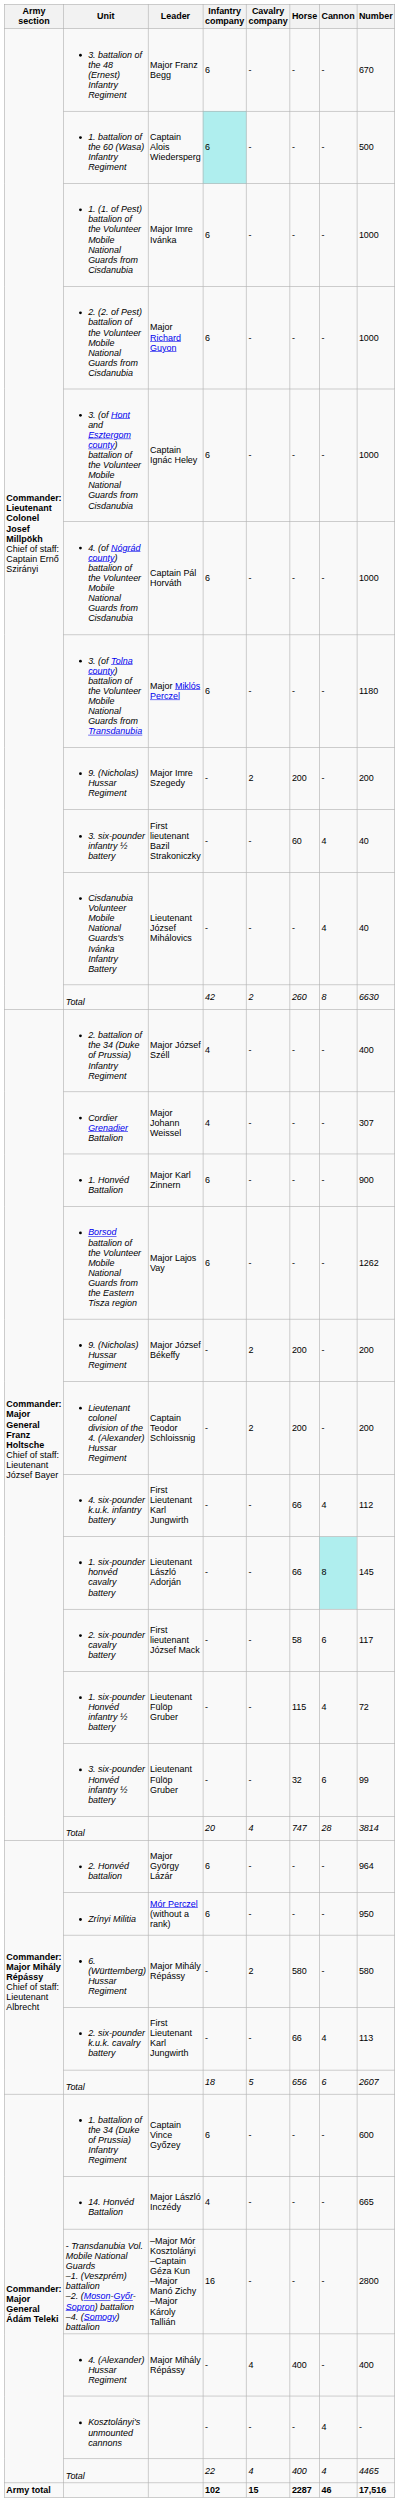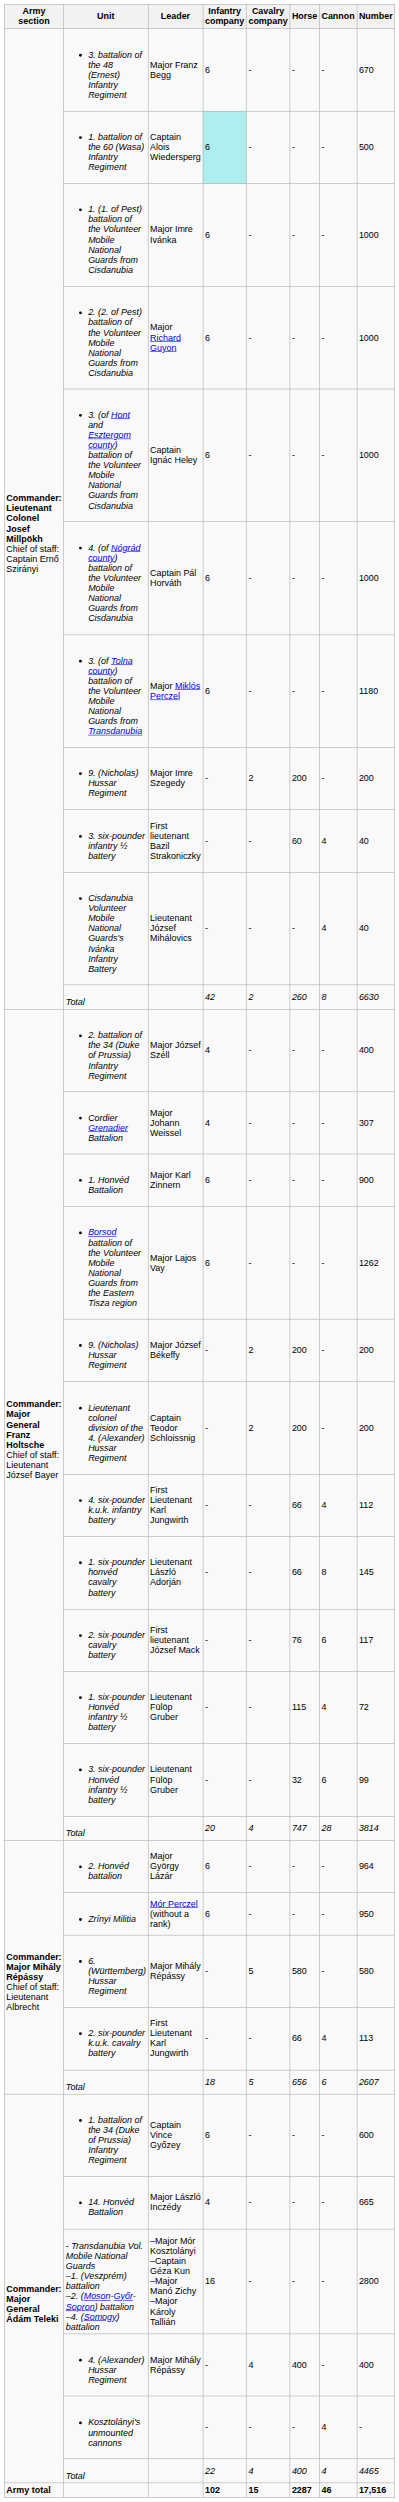 <table class="wikitable">
 <tr>
 <th width=8%>Army section</th>
 <th width=62%>Unit</th>
 <th width=30%>Leader</th>
 <th width=>Infantry company</th>
 <th width=>Cavalry company</th>
 <th width=>Horse</th>
 <th width=>Cannon</th>
 <th width=>Number</th>
 </tr>
 <tr>
 <td rowspan="11"><br> <br>  <br><strong>Commander:<br> Lieutenant Colonel Josef Millpökh</strong><br> Chief of staff:<br> Captain Ernő Szirányi</td>
 <td><br><ul><li><em>3. battalion of the 48 (Ernest) Infantry Regiment</em></li></ul></td>
 <td>Major Franz Begg</td>
 <td>6</td>
 <td>-</td>
 <td>-</td>
 <td>-</td>
 <td>670</td>
 </tr>
 <tr>
 <td><br><ul><li><em>1. battalion of the 60 (Wasa) Infantry Regiment</em></li></ul></td>
 <td>Captain Alois Wiedersperg</td>
 <td style="background: paleturquoise;">6</td>
 <td>-</td>
 <td>-</td>
 <td>-</td>
 <td>500</td>
 </tr>
 <tr>
 <td><br><ul><li><em>1. (1. of Pest) battalion of the Volunteer Mobile National Guards from Cisdanubia</em></li></ul></td>
 <td>Major Imre Ivánka</td>
 <td>6</td>
 <td>-</td>
 <td>-</td>
 <td>-</td>
 <td>1000</td>
 </tr>
 <tr>
 <td><br><ul><li><em>2. (2. of Pest) battalion of the Volunteer Mobile National Guards from Cisdanubia</em></li></ul></td>
 <td>Major <a href='#'>Richard Guyon</a></td>
 <td>6</td>
 <td>-</td>
 <td>-</td>
 <td>-</td>
 <td>1000</td>
 </tr>
 <tr>
 <td><br><ul><li><em>3. (of <a href='#'>Hont</a> and <a href='#'>Esztergom county</a>) battalion of the Volunteer Mobile National Guards from Cisdanubia</em></li></ul></td>
 <td>Captain Ignác Heley</td>
 <td>6</td>
 <td>-</td>
 <td>-</td>
 <td>-</td>
 <td>1000</td>
 </tr>
 <tr>
 <td><br><ul><li><em>4. (of <a href='#'>Nógrád county</a>) battalion of the Volunteer Mobile National Guards from Cisdanubia</em></li></ul></td>
 <td>Captain Pál Horváth</td>
 <td>6</td>
 <td>-</td>
 <td>-</td>
 <td>-</td>
 <td>1000</td>
 </tr>
 <tr>
 <td><br><ul><li><em>3. (of <a href='#'>Tolna county</a>) battalion of the Volunteer Mobile National Guards from <a href='#'>Transdanubia</a></em></li></ul></td>
 <td>Major <a href='#'>Miklós Perczel</a></td>
 <td>6</td>
 <td>-</td>
 <td>-</td>
 <td>-</td>
 <td>1180</td>
 </tr>
 <tr>
 <td><br><ul><li><em>9. (Nicholas) Hussar Regiment</em></li></ul></td>
 <td>Major Imre Szegedy</td>
 <td>-</td>
 <td>2</td>
 <td>200</td>
 <td>-</td>
 <td>200</td>
 </tr>
 <tr>
 <td><br><ul><li><em>3. six-pounder infantry ½ battery</em></li></ul></td>
 <td>First lieutenant Bazil Strakoniczky</td>
 <td>-</td>
 <td>-</td>
 <td>60</td>
 <td>4</td>
 <td>40</td>
 </tr>
 <tr>
 <td><br><ul><li><em>Cisdanubia Volunteer Mobile National Guards's Ivánka Infantry Battery</em></li></ul></td>
 <td>Lieutenant József Mihálovics</td>
 <td>-</td>
 <td>-</td>
 <td>-</td>
 <td>4</td>
 <td>40</td>
 </tr>
 <tr>
 <td><br><em>Total</em></td>
 <td></td>
 <td><em>42</em></td>
 <td><em>2</em></td>
 <td><em>260</em></td>
 <td><em>8</em></td>
 <td><em>6630</em></td>
 </tr>
 <tr>
 <td rowspan="12"><br> <br>  <br><strong>Commander:<br> Major General Franz Holtsche</strong><br> Chief of staff:<br> Lieutenant József Bayer</td>
 <td><br><ul><li><em>2. battalion of the 34 (Duke of Prussia) Infantry Regiment</em></li></ul></td>
 <td>Major József Széll</td>
 <td>4</td>
 <td>-</td>
 <td>-</td>
 <td>-</td>
 <td>400</td>
 </tr>
 <tr>
 <td><br><ul><li><em>Cordier <a href='#'>Grenadier</a> Battalion</em></li></ul></td>
 <td>Major Johann Weissel</td>
 <td>4</td>
 <td>-</td>
 <td>-</td>
 <td>-</td>
 <td>307</td>
 </tr>
 <tr>
 <td><br><ul><li><em>1. Honvéd Battalion</em></li></ul></td>
 <td>Major Karl Zinnern</td>
 <td>6</td>
 <td>-</td>
 <td>-</td>
 <td>-</td>
 <td>900</td>
 </tr>
 <tr>
 <td><br><ul><li><em><a href='#'>Borsod</a> battalion of the Volunteer Mobile National Guards from the Eastern Tisza region</em></li></ul></td>
 <td>Major Lajos Vay</td>
 <td>6</td>
 <td>-</td>
 <td>-</td>
 <td>-</td>
 <td>1262</td>
 </tr>
 <tr>
 <td><br><ul><li><em>9. (Nicholas) Hussar Regiment</em></li></ul></td>
 <td>Major József Békeffy</td>
 <td>-</td>
 <td>2</td>
 <td>200</td>
 <td>-</td>
 <td>200</td>
 </tr>
 <tr>
 <td><br><ul><li><em>Lieutenant colonel division of the 4. (Alexander) Hussar Regiment</em></li></ul></td>
 <td>Captain Teodor Schloissnig</td>
 <td>-</td>
 <td>2</td>
 <td>200</td>
 <td>-</td>
 <td>200</td>
 </tr>
 <tr>
 <td><br><ul><li><em>4. six-pounder k.u.k. infantry battery</em></li></ul></td>
 <td>First Lieutenant Karl Jungwirth</td>
 <td>-</td>
 <td>-</td>
 <td>66</td>
 <td>4</td>
 <td>112</td>
 </tr>
 <tr>
 <td><br><ul><li><em>1. six-pounder honvéd cavalry battery</em></li></ul></td>
 <td>Lieutenant László Adorján</td>
 <td>-</td>
 <td>-</td>
 <td>66</td>
-<td style="background: paleturquoise;">8</td>
+<td>8</td>
 <td>145</td>
 </tr>
 <tr>
 <td><br><ul><li><em>2. six-pounder cavalry battery</em></li></ul></td>
 <td>First lieutenant József Mack</td>
 <td>-</td>
 <td>-</td>
-<td>58</td>
+<td>76</td>
 <td>6</td>
 <td>117</td>
 </tr>
 <tr>
 <td><br><ul><li><em>1. six-pounder Honvéd infantry ½ battery</em></li></ul></td>
 <td>Lieutenant Fülöp Gruber</td>
 <td>-</td>
 <td>-</td>
 <td>115</td>
 <td>4</td>
 <td>72</td>
 </tr>
 <tr>
 <td><br><ul><li><em>3. six-pounder Honvéd infantry ½ battery</em></li></ul></td>
 <td>Lieutenant Fülöp Gruber</td>
 <td>-</td>
 <td>-</td>
 <td>32</td>
 <td>6</td>
 <td>99</td>
 </tr>
 <tr>
 <td><br><em>Total</em></td>
 <td></td>
 <td><em>20</em></td>
 <td><em>4</em></td>
 <td><em>747</em></td>
 <td><em>28</em></td>
 <td><em>3814</em></td>
 </tr>
 <tr>
 <td rowspan="5"><br> <br>  <br><strong>Commander:<br> Major Mihály Répássy</strong><br> Chief of staff:<br> Lieutenant Albrecht</td>
 <td><br><ul><li><em>2. Honvéd battalion</em></li></ul></td>
 <td>Major György Lázár</td>
 <td>6</td>
 <td>-</td>
 <td>-</td>
 <td>-</td>
 <td>964</td>
 </tr>
 <tr>
 <td><br><ul><li><em>Zrínyi Militia</em></li></ul></td>
 <td><a href='#'>Mór Perczel</a> (without a rank)</td>
 <td>6</td>
 <td>-</td>
 <td>-</td>
 <td>-</td>
 <td>950</td>
 </tr>
 <tr>
 <td><br><ul><li><em>6. (Württemberg) Hussar Regiment</em></li></ul></td>
 <td>Major Mihály Répássy</td>
 <td>-</td>
-<td>2</td>
+<td>5</td>
 <td>580</td>
 <td>-</td>
 <td>580</td>
 </tr>
 <tr>
 <td><br><ul><li><em>2. six-pounder k.u.k. cavalry battery</em></li></ul></td>
 <td>First Lieutenant Karl Jungwirth</td>
 <td>-</td>
 <td>-</td>
 <td>66</td>
 <td>4</td>
 <td>113</td>
 </tr>
 <tr>
 <td><br><em>Total</em></td>
 <td></td>
 <td><em>18</em></td>
 <td><em>5</em></td>
 <td><em>656</em></td>
 <td><em>6</em></td>
 <td><em>2607</em></td>
 </tr>
 <tr>
 <td rowspan="6"><br> <br>  <br><strong>Commander:<br> Major General Ádám Teleki</strong></td>
 <td><br><ul><li><em>1. battalion of the 34 (Duke of Prussia) Infantry Regiment</em></li></ul></td>
 <td>Captain Vince Győzey</td>
 <td>6</td>
 <td>-</td>
 <td>-</td>
 <td>-</td>
 <td>600</td>
 </tr>
 <tr>
 <td><br><ul><li><em>14. Honvéd Battalion</em></li></ul></td>
 <td>Major László Inczédy</td>
 <td>4</td>
 <td>-</td>
 <td>-</td>
 <td>-</td>
 <td>665</td>
 </tr>
 <tr>
 <td><br>- <em>Transdanubia Vol. Mobile National Guards<br>–1. (Veszprém) battalion<br>–2. (<a href='#'>Moson</a>-<a href='#'>Győr</a>-<a href='#'>Sopron</a>) battalion<br>–4. (<a href='#'>Somogy</a>) battalion</em></td>
 <td>–Major Mór Kosztolányi<br>–Captain Géza Kun<br>–Major Manó Zichy<br>–Major Károly Tallián</td>
 <td>16</td>
 <td>-</td>
 <td>-</td>
 <td>-</td>
 <td>2800</td>
 </tr>
 <tr>
 <td><br><ul><li><em>4. (Alexander) Hussar Regiment</em></li></ul></td>
 <td>Major Mihály Répássy</td>
 <td>-</td>
 <td>4</td>
 <td>400</td>
 <td>-</td>
 <td>400</td>
 </tr>
 <tr>
 <td><br><ul><li><em>Kosztolányi's unmounted cannons</em></li></ul></td>
 <td></td>
 <td>-</td>
 <td>-</td>
 <td>-</td>
 <td>4</td>
 <td>-</td>
 </tr>
 <tr>
 <td><br><em>Total</em></td>
 <td></td>
 <td><em>22</em></td>
 <td><em>4</em></td>
 <td><em>400</em></td>
 <td><em>4</em></td>
 <td><em>4465</em></td>
 </tr>
 <tr>
 <td><strong>Army total</strong></td>
 <td></td>
 <td></td>
 <td><strong>102</strong></td>
 <td><strong>15</strong></td>
 <td><strong>2287</strong></td>
 <td><strong>46</strong></td>
 <td><strong>17,516</strong><br></td>
 </tr>
 </table>
